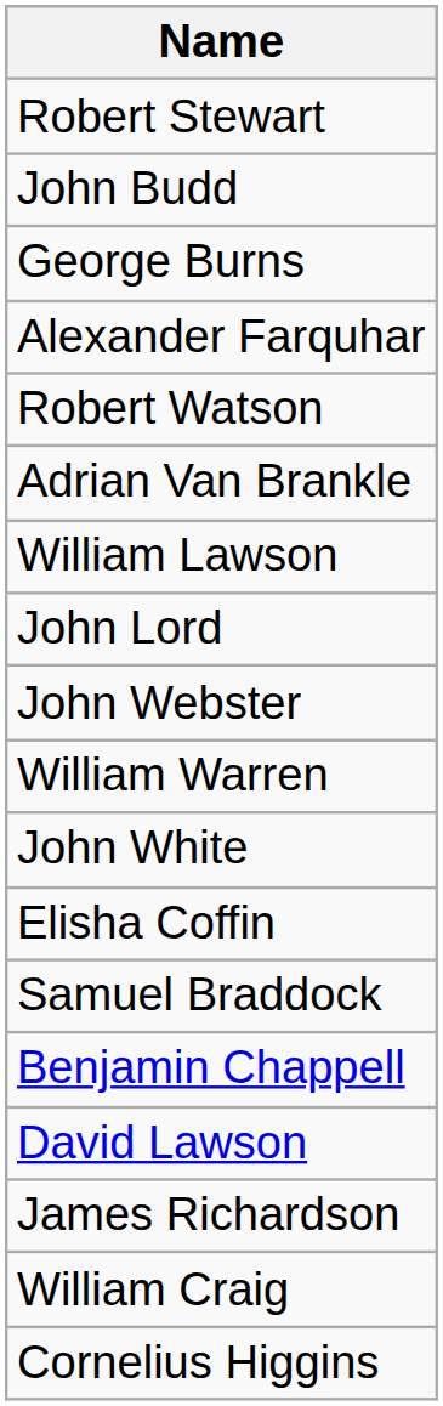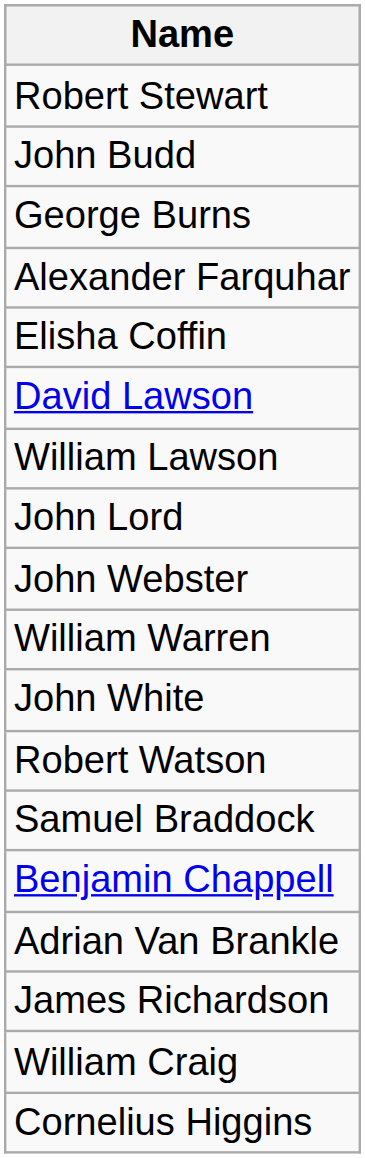 <table class="wikitable" style="border-collapse: collapse" cellspacing="0" cellpadding="4" border="1">
 <tr bgcolor="darkgray">
 <th>Name</th>
 </tr>
 <tr>
 <td>Robert Stewart</td>
 </tr>
 <tr>
 <td>John Budd</td>
 </tr>
 <tr>
 <td>George Burns</td>
 </tr>
 <tr>
 <td>Alexander Farquhar</td>
 </tr>
 <tr>
-<td>Robert Watson</td>
+<td>Elisha Coffin</td>
 </tr>
 <tr>
-<td>Adrian Van Brankle</td>
+<td><a href='#'>David Lawson</a></td>
 </tr>
 <tr>
 <td>William Lawson</td>
 </tr>
 <tr>
 <td>John Lord</td>
 </tr>
 <tr>
 <td>John Webster</td>
 </tr>
 <tr>
 <td>William Warren</td>
 </tr>
 <tr>
 <td>John White</td>
 </tr>
 <tr>
-<td>Elisha Coffin</td>
+<td>Robert Watson</td>
 </tr>
 <tr>
 <td>Samuel Braddock</td>
 </tr>
 <tr>
 <td><a href='#'>Benjamin Chappell</a></td>
 </tr>
 <tr>
-<td><a href='#'>David Lawson</a></td>
+<td>Adrian Van Brankle</td>
 </tr>
 <tr>
 <td>James Richardson</td>
 </tr>
 <tr>
 <td>William Craig</td>
 </tr>
 <tr>
 <td>Cornelius Higgins</td>
 </tr>
 </table>
